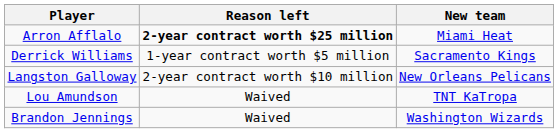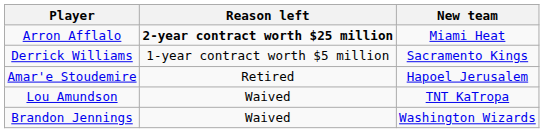 <table class="wikitable sortable sortable" style="text-align: center">
 <tr>
 <th>Player</th>
 <th>Reason left</th>
 <th>New team</th>
 </tr>
 <tr style="text-align: center">
 <td><a href='#'>Arron Afflalo</a></td>
 <td><strong>2-year contract worth $25 million</strong></td>
 <td><a href='#'>Miami Heat</a></td>
 </tr>
 <tr style="text-align: center">
 <td><a href='#'>Derrick Williams</a></td>
 <td>1-year contract worth $5 million</td>
 <td><a href='#'>Sacramento Kings</a></td>
 </tr>
 <tr style="text-align: center">
-<td><a href='#'>Langston Galloway</a></td>
-<td>2-year contract worth $10 million</td>
-<td><a href='#'>New Orleans Pelicans</a></td>
+<td><a href='#'>Amar'e Stoudemire</a></td>
+<td>Retired</td>
+<td><a href='#'>Hapoel Jerusalem</a></td>
 </tr>
 <tr style="text-align: center">
 <td><a href='#'>Lou Amundson</a></td>
 <td>Waived</td>
 <td><a href='#'>TNT KaTropa</a></td>
 </tr>
 <tr style="text-align: center">
 <td><a href='#'>Brandon Jennings</a></td>
 <td>Waived</td>
 <td><a href='#'>Washington Wizards</a></td>
 </tr>
 </table>
